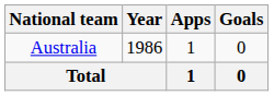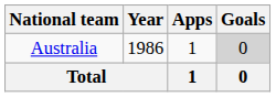 <table class="wikitable" style="text-align:center">
 <tr>
 <th>National team</th>
 <th>Year</th>
 <th>Apps</th>
 <th>Goals</th>
 </tr>
 <tr>
 <td rowspan="1"><a href='#'>Australia</a></td>
 <td>1986</td>
 <td>1</td>
-<td>0</td>
+<td style="background: lightgrey;">0</td>
 </tr>
 <tr>
 <th colspan="2">Total</th>
 <th>1</th>
 <th>0</th>
 </tr>
 </table>
